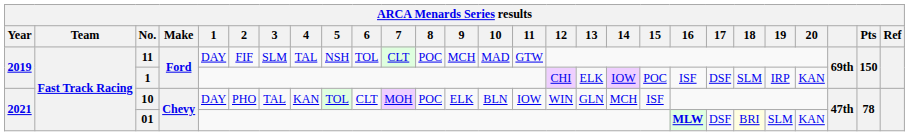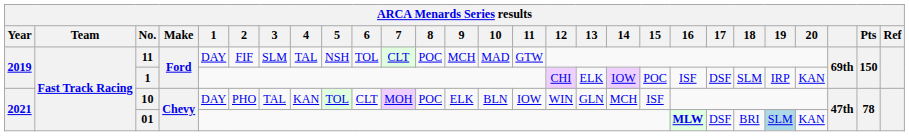 <table class="wikitable" style="text-align:center; font-size:75%">
 <tr>
 <th colspan="27"><a href='#'>ARCA Menards Series</a> results</th>
 </tr>
 <tr>
 <th>Year</th>
 <th>Team</th>
 <th>No.</th>
 <th>Make</th>
 <th>1</th>
 <th>2</th>
 <th>3</th>
 <th>4</th>
 <th>5</th>
 <th>6</th>
 <th>7</th>
 <th>8</th>
 <th>9</th>
 <th>10</th>
 <th>11</th>
 <th>12</th>
 <th>13</th>
 <th>14</th>
 <th>15</th>
 <th>16</th>
 <th>17</th>
 <th>18</th>
 <th>19</th>
 <th>20</th>
 <th></th>
 <th>Pts</th>
 <th>Ref</th>
 </tr>
 <tr>
 <th rowspan=2><a href='#'>2019</a></th>
 <th rowspan=4><a href='#'>Fast Track Racing</a></th>
 <th>11</th>
 <th rowspan=2><a href='#'>Ford</a></th>
 <td><a href='#'>DAY</a></td>
 <td><a href='#'>FIF</a></td>
 <td><a href='#'>SLM</a></td>
 <td><a href='#'>TAL</a></td>
 <td><a href='#'>NSH</a></td>
 <td><a href='#'>TOL</a></td>
 <td style="background:#DFFFDF;"><a href='#'>CLT</a><br></td>
 <td><a href='#'>POC</a></td>
 <td><a href='#'>MCH</a></td>
 <td><a href='#'>MAD</a></td>
 <td><a href='#'>GTW</a></td>
 <td colspan=9></td>
 <th rowspan="2">69th</th>
 <th rowspan="2">150</th>
 <th rowspan="2"></th>
 </tr>
 <tr>
 <th>1</th>
 <td colspan="11"></td>
 <td style="background:#EFCFFF;"><a href='#'>CHI</a><br></td>
 <td><a href='#'>ELK</a></td>
 <td style="background:#EFCFFF;"><a href='#'>IOW</a><br></td>
 <td><a href='#'>POC</a></td>
 <td><a href='#'>ISF</a></td>
 <td><a href='#'>DSF</a></td>
 <td><a href='#'>SLM</a></td>
 <td><a href='#'>IRP</a></td>
 <td><a href='#'>KAN</a></td>
 </tr>
 <tr>
 <th rowspan="2"><a href='#'>2021</a></th>
 <th>10</th>
 <th rowspan="2"><a href='#'>Chevy</a></th>
 <td><a href='#'>DAY</a></td>
 <td><a href='#'>PHO</a></td>
 <td><a href='#'>TAL</a></td>
 <td><a href='#'>KAN</a></td>
 <td style="background:#DFFFDF;"><a href='#'>TOL</a><br></td>
 <td><a href='#'>CLT</a></td>
 <td style="background:#EFCFFF;"><a href='#'>MOH</a><br></td>
 <td><a href='#'>POC</a></td>
 <td><a href='#'>ELK</a></td>
 <td><a href='#'>BLN</a></td>
 <td><a href='#'>IOW</a></td>
 <td><a href='#'>WIN</a></td>
 <td><a href='#'>GLN</a></td>
 <td><a href='#'>MCH</a></td>
 <td><a href='#'>ISF</a></td>
 <td colspan="5"></td>
 <th rowspan="2">47th</th>
 <th rowspan="2">78</th>
 <th rowspan="2"></th>
 </tr>
 <tr>
 <th>01</th>
 <td colspan="15"></td>
 <td style="background:#DFFFDF;"><strong><a href='#'>MLW</a><br></strong></td>
 <td><a href='#'>DSF</a></td>
-<td style="background: lightyellow;"><a href='#'>BRI</a></td>
-<td><a href='#'>SLM</a></td>
+<td><a href='#'>BRI</a></td>
+<td style="background: lightblue;"><a href='#'>SLM</a></td>
 <td><a href='#'>KAN</a></td>
 </tr>
 </table>
